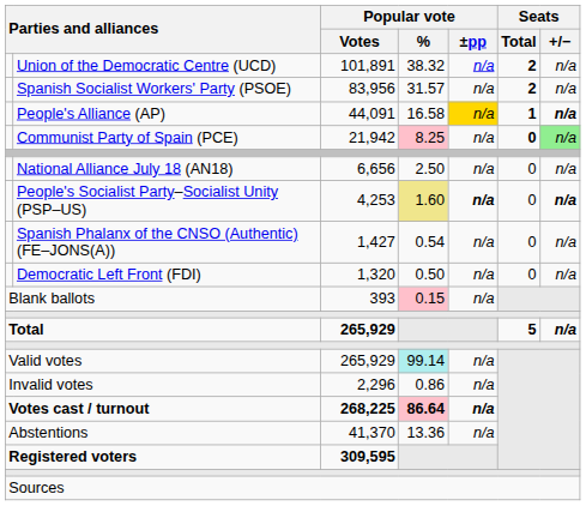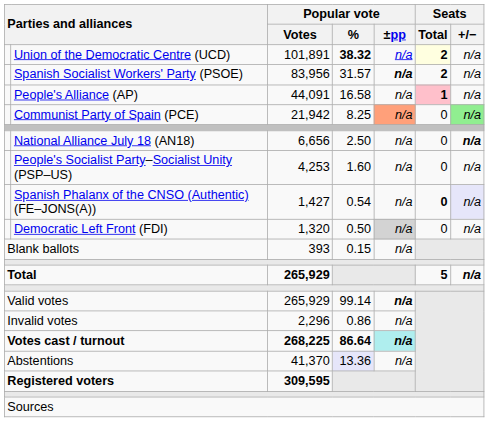 <table class="wikitable" style="text-align:right;">
 <tr>
 <th style="text-align:left;" rowspan="2" colspan="2" width="525">Parties and alliances</th>
 <th colspan="3">Popular vote</th>
 <th colspan="2">Seats</th>
 </tr>
 <tr>
 <th width="75">Votes</th>
 <th width="45">%</th>
 <th width="45">±<a href='#'>pp</a></th>
 <th width="35">Total</th>
 <th width="35">+/−</th>
 </tr>
 <tr>
 <td width="1" style="color:inherit;background:"></td>
 <td align="left"><a href='#'>Union of the Democratic Centre</a> (UCD)</td>
 <td>101,891</td>
-<td>38.32</td>
+<td><strong>38.32</strong></td>
 <td><em><a href='#'>n/a</a></em></td>
-<td><strong>2</strong></td>
+<td style="background: lightyellow;"><strong>2</strong></td>
 <td><em>n/a</em></td>
 </tr>
 <tr>
 <td style="color:inherit;background:"></td>
 <td align="left"><a href='#'>Spanish Socialist Workers' Party</a> (PSOE)</td>
 <td>83,956</td>
 <td>31.57</td>
-<td><em>n/a</em></td>
+<td><strong><em>n/a</em></strong></td>
 <td><strong>2</strong></td>
 <td><em>n/a</em></td>
 </tr>
 <tr>
 <td style="color:inherit;background:"></td>
 <td align="left"><a href='#'>People's Alliance</a> (AP)</td>
 <td>44,091</td>
 <td>16.58</td>
-<td style="background: gold;"><em>n/a</em></td>
-<td><strong>1</strong></td>
-<td><strong><em>n/a</em></strong></td>
+<td><em>n/a</em></td>
+<td style="background: pink;"><strong>1</strong></td>
+<td><em>n/a</em></td>
 </tr>
 <tr>
 <td style="color:inherit;background:"></td>
 <td align="left"><a href='#'>Communist Party of Spain</a> (PCE)</td>
 <td>21,942</td>
-<td style="background: pink;">8.25</td>
-<td><em>n/a</em></td>
-<td><strong>0</strong></td>
+<td>8.25</td>
+<td style="background: lightsalmon;"><em>n/a</em></td>
+<td>0</td>
 <td style="background: lightgreen;"><em>n/a</em></td>
 </tr>
 <tr>
 <td colspan="7" bgcolor="#C0C0C0"></td>
 </tr>
 <tr>
 <td style="color:inherit;background:"></td>
 <td align="left"><a href='#'>National Alliance July 18</a> (AN18)</td>
 <td>6,656</td>
 <td>2.50</td>
 <td><em>n/a</em></td>
 <td>0</td>
-<td><em>n/a</em></td>
+<td><strong><em>n/a</em></strong></td>
 </tr>
 <tr>
 <td style="color:inherit;background:"></td>
 <td align="left"><a href='#'>People's Socialist Party</a>–<a href='#'>Socialist Unity</a> (PSP–US)</td>
 <td>4,253</td>
-<td style="background: khaki;">1.60</td>
-<td><strong><em>n/a</em></strong></td>
+<td>1.60</td>
+<td><em>n/a</em></td>
 <td>0</td>
-<td><strong><em>n/a</em></strong></td>
+<td><em>n/a</em></td>
 </tr>
 <tr>
 <td style="color:inherit;background:"></td>
 <td align="left"><a href='#'>Spanish Phalanx of the CNSO (Authentic)</a> (FE–JONS(A))</td>
 <td>1,427</td>
 <td>0.54</td>
 <td><em>n/a</em></td>
-<td>0</td>
-<td><em>n/a</em></td>
+<td><strong>0</strong></td>
+<td style="background: lavender;"><em>n/a</em></td>
 </tr>
 <tr>
 <td style="color:inherit;background:"></td>
 <td align="left"><a href='#'>Democratic Left Front</a> (FDI)</td>
 <td>1,320</td>
 <td>0.50</td>
-<td><em>n/a</em></td>
+<td style="background: lightgrey;"><em>n/a</em></td>
 <td>0</td>
 <td><em>n/a</em></td>
 </tr>
 <tr>
 <td align="left" colspan="2">Blank ballots</td>
 <td>393</td>
-<td style="background: pink;">0.15</td>
+<td>0.15</td>
 <td><em>n/a</em></td>
 <td bgcolor="#E9E9E9" colspan="2"></td>
 </tr>
 <tr>
 <td colspan="7" bgcolor="#E9E9E9"></td>
 </tr>
 <tr style="font-weight:bold;">
 <td align="left" colspan="2">Total</td>
 <td>265,929</td>
 <td bgcolor="#E9E9E9" colspan="2"></td>
 <td>5</td>
 <td><em>n/a</em></td>
 </tr>
 <tr>
 <td colspan="7" bgcolor="#E9E9E9"></td>
 </tr>
 <tr>
 <td align="left" colspan="2">Valid votes</td>
 <td>265,929</td>
-<td style="background: paleturquoise;">99.14</td>
-<td><em>n/a</em></td>
+<td>99.14</td>
+<td><strong><em>n/a</em></strong></td>
 <td bgcolor="#E9E9E9" colspan="2" rowspan="5"></td>
 </tr>
 <tr>
 <td align="left" colspan="2">Invalid votes</td>
 <td>2,296</td>
 <td>0.86</td>
 <td><em>n/a</em></td>
 </tr>
 <tr style="font-weight:bold;">
 <td align="left" colspan="2">Votes cast / turnout</td>
 <td>268,225</td>
-<td style="background: pink;">86.64</td>
-<td><em>n/a</em></td>
+<td>86.64</td>
+<td style="background: paleturquoise;"><em>n/a</em></td>
 </tr>
 <tr>
 <td align="left" colspan="2">Abstentions</td>
 <td>41,370</td>
-<td>13.36</td>
+<td style="background: lavender;">13.36</td>
 <td><em>n/a</em></td>
 </tr>
 <tr style="font-weight:bold;">
 <td align="left" colspan="2">Registered voters</td>
 <td>309,595</td>
 <td bgcolor="#E9E9E9" colspan="2"></td>
 </tr>
 <tr>
 <td colspan="7" bgcolor="#E9E9E9"></td>
 </tr>
 <tr>
 <td align="left" colspan="7">Sources</td>
 </tr>
 </table>
